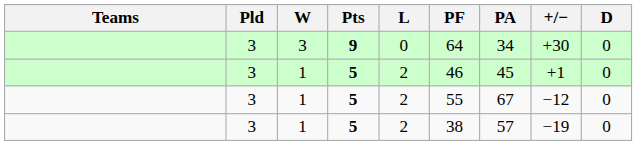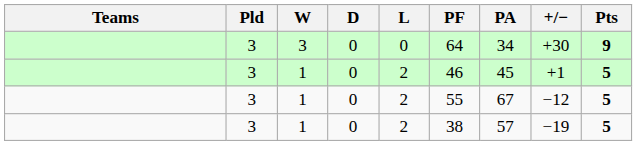 <table class="wikitable" style="text-align: center;">
 <tr>
 <th style="width:200px;">Teams</th>
 <th width="40">Pld</th>
 <th width="40">W</th>
-<th width="40">Pts</th>
+<th width="40">D</th>
 <th width="40">L</th>
 <th width="40">PF</th>
 <th width="40">PA</th>
 <th width="40">+/−</th>
-<th width="40">D</th>
+<th width="40">Pts</th>
 </tr>
 <tr style="background:#cfc;">
 <td align=left></td>
 <td>3</td>
 <td>3</td>
-<td><strong>9</strong></td>
+<td>0</td>
 <td>0</td>
 <td>64</td>
 <td>34</td>
 <td>+30</td>
-<td>0</td>
+<td><strong>9</strong></td>
 </tr>
 <tr style="background:#cfc;">
 <td align=left></td>
 <td>3</td>
 <td>1</td>
-<td><strong>5</strong></td>
+<td>0</td>
 <td>2</td>
 <td>46</td>
 <td>45</td>
 <td>+1</td>
-<td>0</td>
+<td><strong>5</strong></td>
 </tr>
 <tr>
 <td align=left></td>
 <td>3</td>
 <td>1</td>
-<td><strong>5</strong></td>
+<td>0</td>
 <td>2</td>
 <td>55</td>
 <td>67</td>
 <td>−12</td>
-<td>0</td>
+<td><strong>5</strong></td>
 </tr>
 <tr>
 <td align=left></td>
 <td>3</td>
 <td>1</td>
-<td><strong>5</strong></td>
+<td>0</td>
 <td>2</td>
 <td>38</td>
 <td>57</td>
 <td>−19</td>
-<td>0</td>
+<td><strong>5</strong></td>
 </tr>
 </table>
